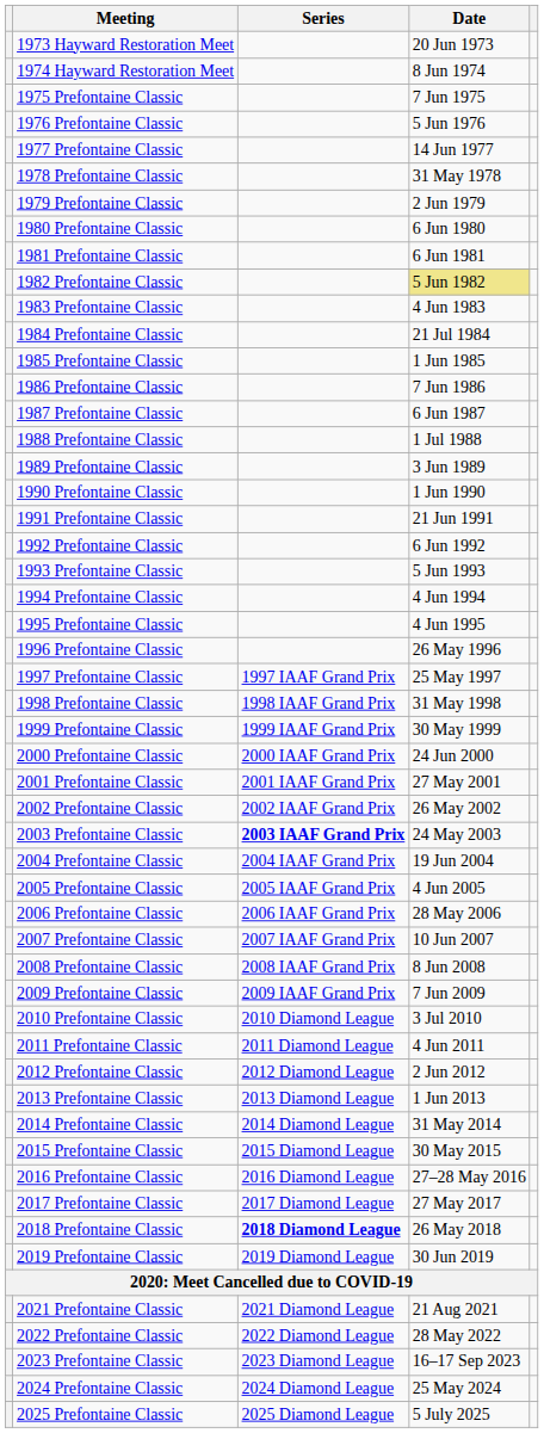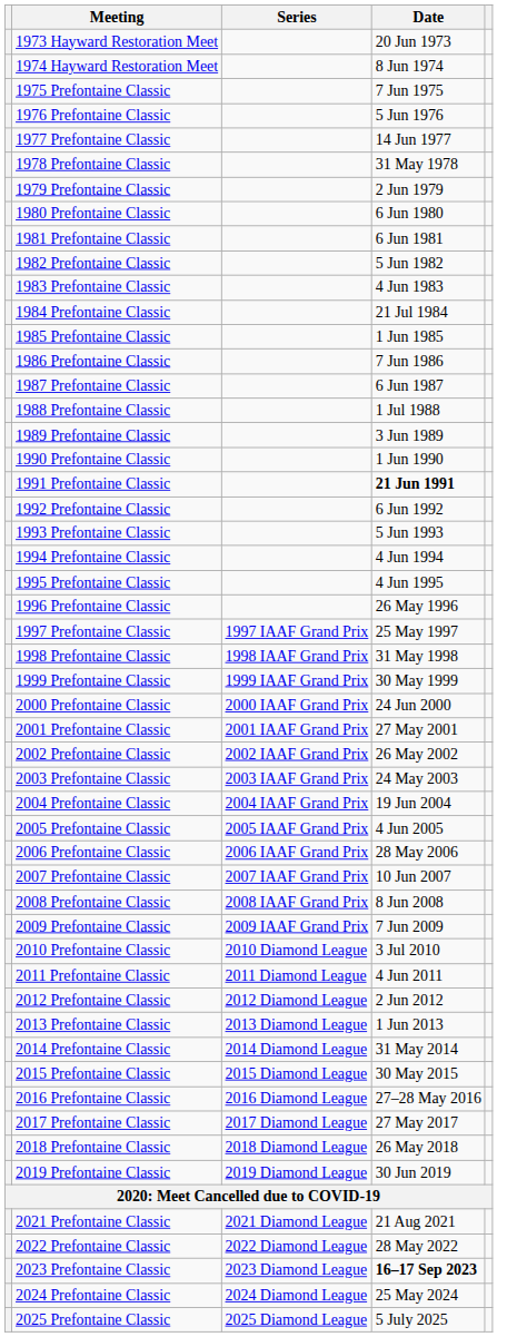 <table class="wikitable plainrowheaders sticky-header defaultleft col4right">
 <tr>
 <th scope="col"></th>
 <th scope="col">Meeting</th>
 <th scope="col">Series</th>
 <th scope="col">Date</th>
 <th scope="col"></th>
 </tr>
 <tr>
 <th scope="row"></th>
 <td><a href='#'>1973 Hayward Restoration Meet</a></td>
 <td></td>
 <td>20 Jun 1973</td>
 <td></td>
 </tr>
 <tr>
 <th scope="row"></th>
 <td><a href='#'>1974 Hayward Restoration Meet</a></td>
 <td></td>
 <td>8 Jun 1974</td>
 <td></td>
 </tr>
 <tr>
 <th scope="row"></th>
 <td><a href='#'>1975 Prefontaine Classic</a></td>
 <td></td>
 <td>7 Jun 1975</td>
 <td></td>
 </tr>
 <tr>
 <th scope="row"></th>
 <td><a href='#'>1976 Prefontaine Classic</a></td>
 <td></td>
 <td>5 Jun 1976</td>
 <td></td>
 </tr>
 <tr>
 <th scope="row"></th>
 <td><a href='#'>1977 Prefontaine Classic</a></td>
 <td></td>
 <td>14 Jun 1977</td>
 <td></td>
 </tr>
 <tr>
 <th scope="row"></th>
 <td><a href='#'>1978 Prefontaine Classic</a></td>
 <td></td>
 <td>31 May 1978</td>
 <td></td>
 </tr>
 <tr>
 <th scope="row"></th>
 <td><a href='#'>1979 Prefontaine Classic</a></td>
 <td></td>
 <td>2 Jun 1979</td>
 <td></td>
 </tr>
 <tr>
 <th scope="row"></th>
 <td><a href='#'>1980 Prefontaine Classic</a></td>
 <td></td>
 <td>6 Jun 1980</td>
 <td></td>
 </tr>
 <tr>
 <th scope="row"></th>
 <td><a href='#'>1981 Prefontaine Classic</a></td>
 <td></td>
 <td>6 Jun 1981</td>
 <td></td>
 </tr>
 <tr>
 <th scope="row"></th>
 <td><a href='#'>1982 Prefontaine Classic</a></td>
 <td></td>
-<td style="background: khaki;">5 Jun 1982</td>
+<td>5 Jun 1982</td>
 <td></td>
 </tr>
 <tr>
 <th scope="row"></th>
 <td><a href='#'>1983 Prefontaine Classic</a></td>
 <td></td>
 <td>4 Jun 1983</td>
 <td></td>
 </tr>
 <tr>
 <th scope="row"></th>
 <td><a href='#'>1984 Prefontaine Classic</a></td>
 <td></td>
 <td>21 Jul 1984</td>
 <td></td>
 </tr>
 <tr>
 <th scope="row"></th>
 <td><a href='#'>1985 Prefontaine Classic</a></td>
 <td></td>
 <td>1 Jun 1985</td>
 <td></td>
 </tr>
 <tr>
 <th scope="row"></th>
 <td><a href='#'>1986 Prefontaine Classic</a></td>
 <td></td>
 <td>7 Jun 1986</td>
 <td></td>
 </tr>
 <tr>
 <th scope="row"></th>
 <td><a href='#'>1987 Prefontaine Classic</a></td>
 <td></td>
 <td>6 Jun 1987</td>
 <td></td>
 </tr>
 <tr>
 <th scope="row"></th>
 <td><a href='#'>1988 Prefontaine Classic</a></td>
 <td></td>
 <td>1 Jul 1988</td>
 <td></td>
 </tr>
 <tr>
 <th scope="row"></th>
 <td><a href='#'>1989 Prefontaine Classic</a></td>
 <td></td>
 <td>3 Jun 1989</td>
 <td></td>
 </tr>
 <tr>
 <th scope="row"></th>
 <td><a href='#'>1990 Prefontaine Classic</a></td>
 <td></td>
 <td>1 Jun 1990</td>
 <td></td>
 </tr>
 <tr>
 <th scope="row"></th>
 <td><a href='#'>1991 Prefontaine Classic</a></td>
 <td></td>
-<td>21 Jun 1991</td>
+<td><strong>21 Jun 1991</strong></td>
 <td></td>
 </tr>
 <tr>
 <th scope="row"></th>
 <td><a href='#'>1992 Prefontaine Classic</a></td>
 <td></td>
 <td>6 Jun 1992</td>
 <td></td>
 </tr>
 <tr>
 <th scope="row"></th>
 <td><a href='#'>1993 Prefontaine Classic</a></td>
 <td></td>
 <td>5 Jun 1993</td>
 <td></td>
 </tr>
 <tr>
 <th scope="row"></th>
 <td><a href='#'>1994 Prefontaine Classic</a></td>
 <td></td>
 <td>4 Jun 1994</td>
 <td></td>
 </tr>
 <tr>
 <th scope="row"></th>
 <td><a href='#'>1995 Prefontaine Classic</a></td>
 <td></td>
 <td>4 Jun 1995</td>
 <td></td>
 </tr>
 <tr>
 <th scope="row"></th>
 <td><a href='#'>1996 Prefontaine Classic</a></td>
 <td></td>
 <td>26 May 1996</td>
 <td></td>
 </tr>
 <tr>
 <th scope="row"></th>
 <td><a href='#'>1997 Prefontaine Classic</a></td>
 <td><a href='#'>1997 IAAF Grand Prix</a></td>
 <td>25 May 1997</td>
 <td></td>
 </tr>
 <tr>
 <th scope="row"></th>
 <td><a href='#'>1998 Prefontaine Classic</a></td>
 <td><a href='#'>1998 IAAF Grand Prix</a></td>
 <td>31 May 1998</td>
 <td></td>
 </tr>
 <tr>
 <th scope="row"></th>
 <td><a href='#'>1999 Prefontaine Classic</a></td>
 <td><a href='#'>1999 IAAF Grand Prix</a></td>
 <td>30 May 1999</td>
 <td></td>
 </tr>
 <tr>
 <th scope="row"></th>
 <td><a href='#'>2000 Prefontaine Classic</a></td>
 <td><a href='#'>2000 IAAF Grand Prix</a></td>
 <td>24 Jun 2000</td>
 <td></td>
 </tr>
 <tr>
 <th scope="row"></th>
 <td><a href='#'>2001 Prefontaine Classic</a></td>
 <td><a href='#'>2001 IAAF Grand Prix</a></td>
 <td>27 May 2001</td>
 <td></td>
 </tr>
 <tr>
 <th scope="row"></th>
 <td><a href='#'>2002 Prefontaine Classic</a></td>
 <td><a href='#'>2002 IAAF Grand Prix</a></td>
 <td>26 May 2002</td>
 <td></td>
 </tr>
 <tr>
 <th scope="row"></th>
 <td><a href='#'>2003 Prefontaine Classic</a></td>
-<td><strong><a href='#'>2003 IAAF Grand Prix</a></strong></td>
+<td><a href='#'>2003 IAAF Grand Prix</a></td>
 <td>24 May 2003</td>
 <td></td>
 </tr>
 <tr>
 <th scope="row"></th>
 <td><a href='#'>2004 Prefontaine Classic</a></td>
 <td><a href='#'>2004 IAAF Grand Prix</a></td>
 <td>19 Jun 2004</td>
 <td></td>
 </tr>
 <tr>
 <th scope="row"></th>
 <td><a href='#'>2005 Prefontaine Classic</a></td>
 <td><a href='#'>2005 IAAF Grand Prix</a></td>
 <td>4 Jun 2005</td>
 <td></td>
 </tr>
 <tr>
 <th scope="row"></th>
 <td><a href='#'>2006 Prefontaine Classic</a></td>
 <td><a href='#'>2006 IAAF Grand Prix</a></td>
 <td>28 May 2006</td>
 <td></td>
 </tr>
 <tr>
 <th scope="row"></th>
 <td><a href='#'>2007 Prefontaine Classic</a></td>
 <td><a href='#'>2007 IAAF Grand Prix</a></td>
 <td>10 Jun 2007</td>
 <td></td>
 </tr>
 <tr>
 <th scope="row"></th>
 <td><a href='#'>2008 Prefontaine Classic</a></td>
 <td><a href='#'>2008 IAAF Grand Prix</a></td>
 <td>8 Jun 2008</td>
 <td></td>
 </tr>
 <tr>
 <th scope="row"></th>
 <td><a href='#'>2009 Prefontaine Classic</a></td>
 <td><a href='#'>2009 IAAF Grand Prix</a></td>
 <td>7 Jun 2009</td>
 <td></td>
 </tr>
 <tr>
 <th scope="row"></th>
 <td><a href='#'>2010 Prefontaine Classic</a></td>
 <td><a href='#'>2010 Diamond League</a></td>
 <td>3 Jul 2010</td>
 <td></td>
 </tr>
 <tr>
 <th scope="row"></th>
 <td><a href='#'>2011 Prefontaine Classic</a></td>
 <td><a href='#'>2011 Diamond League</a></td>
 <td>4 Jun 2011</td>
 <td></td>
 </tr>
 <tr>
 <th scope="row"></th>
 <td><a href='#'>2012 Prefontaine Classic</a></td>
 <td><a href='#'>2012 Diamond League</a></td>
 <td>2 Jun 2012</td>
 <td></td>
 </tr>
 <tr>
 <th scope="row"></th>
 <td><a href='#'>2013 Prefontaine Classic</a></td>
 <td><a href='#'>2013 Diamond League</a></td>
 <td>1 Jun 2013</td>
 <td></td>
 </tr>
 <tr>
 <th scope="row"></th>
 <td><a href='#'>2014 Prefontaine Classic</a></td>
 <td><a href='#'>2014 Diamond League</a></td>
 <td>31 May 2014</td>
 <td></td>
 </tr>
 <tr>
 <th scope="row"></th>
 <td><a href='#'>2015 Prefontaine Classic</a></td>
 <td><a href='#'>2015 Diamond League</a></td>
 <td>30 May 2015</td>
 <td></td>
 </tr>
 <tr>
 <th scope="row"></th>
 <td><a href='#'>2016 Prefontaine Classic</a></td>
 <td><a href='#'>2016 Diamond League</a></td>
 <td>27–28 May 2016</td>
 <td></td>
 </tr>
 <tr>
 <th scope="row"></th>
 <td><a href='#'>2017 Prefontaine Classic</a></td>
 <td><a href='#'>2017 Diamond League</a></td>
 <td>27 May 2017</td>
 <td></td>
 </tr>
 <tr>
 <th scope="row"></th>
 <td><a href='#'>2018 Prefontaine Classic</a></td>
-<td><strong><a href='#'>2018 Diamond League</a></strong></td>
+<td><a href='#'>2018 Diamond League</a></td>
 <td>26 May 2018</td>
 <td></td>
 </tr>
 <tr>
 <th scope="row"></th>
 <td><a href='#'>2019 Prefontaine Classic</a></td>
 <td><a href='#'>2019 Diamond League</a></td>
 <td>30 Jun 2019</td>
 <td></td>
 </tr>
 <tr>
 <th colspan="5">2020: Meet Cancelled due to COVID-19</th>
 </tr>
 <tr>
 <th scope="row"></th>
 <td><a href='#'>2021 Prefontaine Classic</a></td>
 <td><a href='#'>2021 Diamond League</a></td>
 <td>21 Aug 2021</td>
 <td></td>
 </tr>
 <tr>
 <th scope="row"></th>
 <td><a href='#'>2022 Prefontaine Classic</a></td>
 <td><a href='#'>2022 Diamond League</a></td>
 <td>28 May 2022</td>
 <td></td>
 </tr>
 <tr>
 <th scope="row"></th>
 <td><a href='#'>2023 Prefontaine Classic</a></td>
 <td><a href='#'>2023 Diamond League</a></td>
-<td>16–17 Sep 2023</td>
+<td><strong>16–17 Sep 2023</strong></td>
 <td></td>
 </tr>
 <tr>
 <th scope="row"></th>
 <td><a href='#'>2024 Prefontaine Classic</a></td>
 <td><a href='#'>2024 Diamond League</a></td>
 <td>25 May 2024</td>
 <td></td>
 </tr>
 <tr>
 <th scope="row"></th>
 <td><a href='#'>2025 Prefontaine Classic</a></td>
 <td><a href='#'>2025 Diamond League</a></td>
 <td>5 July 2025</td>
 <td></td>
 </tr>
 </table>
